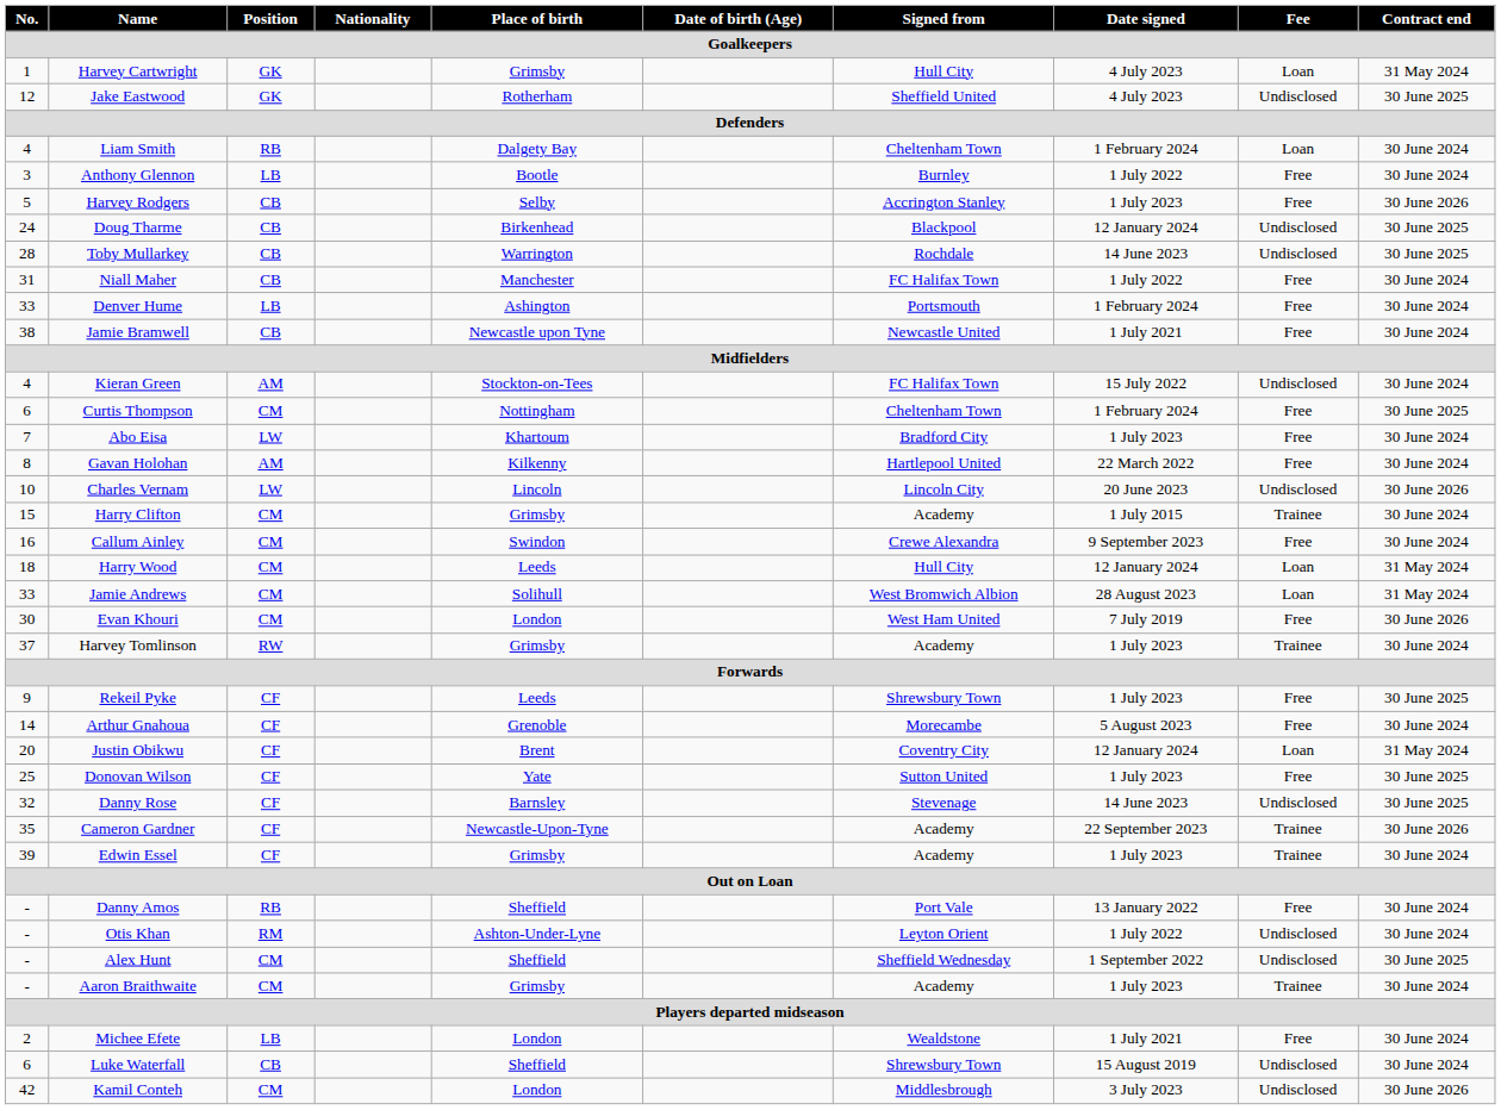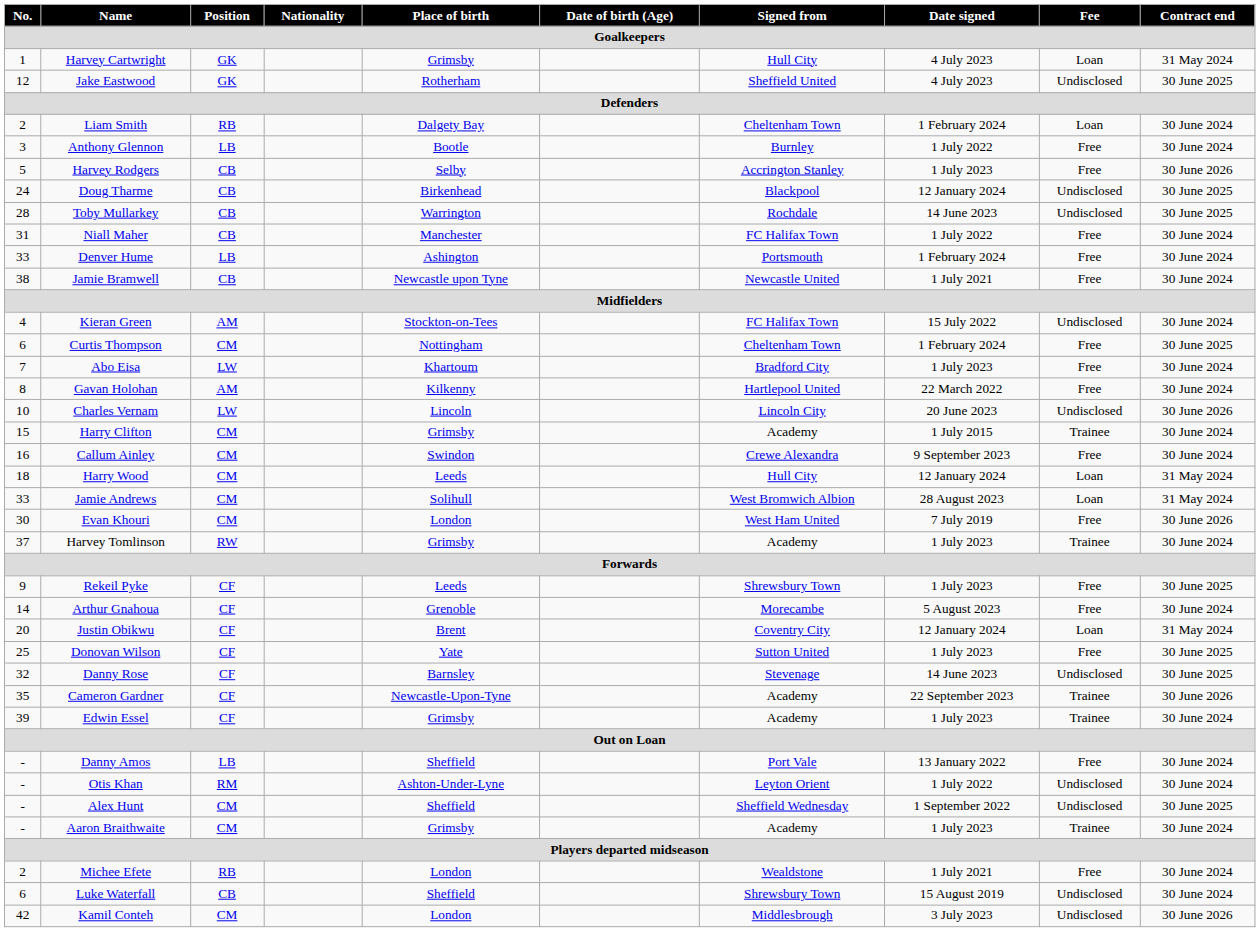 <table class="wikitable" style="text-align:center; font-size:84.5%; width:101%;">
 <tr>
 <th style="background:black; color:#FFFFFF;">No.</th>
 <th style="background:black; color:#FFFFFF;">Name</th>
 <th style="background:black; color:#FFFFFF;">Position</th>
 <th style="background:black; color:#FFFFFF;">Nationality</th>
 <th style="background:black; color:#FFFFFF;">Place of birth</th>
 <th style="background:black; color:#FFFFFF;">Date of birth (Age)</th>
 <th style="background:black; color:#FFFFFF;">Signed from</th>
 <th style="background:black; color:#FFFFFF;">Date signed</th>
 <th style="background:black; color:#FFFFFF;">Fee</th>
 <th style="background:black; color:#FFFFFF;">Contract end</th>
 </tr>
 <tr>
 <th colspan="14" style="background:#dcdcdc; tepxt-align:center;">Goalkeepers</th>
 </tr>
 <tr>
 <td>1</td>
 <td><a href='#'>Harvey Cartwright</a></td>
 <td><a href='#'>GK</a></td>
 <td></td>
 <td><a href='#'>Grimsby</a></td>
 <td></td>
 <td><a href='#'>Hull City</a></td>
 <td>4 July 2023</td>
 <td>Loan</td>
 <td>31 May 2024</td>
 </tr>
 <tr>
 <td>12</td>
 <td><a href='#'>Jake Eastwood</a></td>
 <td><a href='#'>GK</a></td>
 <td></td>
 <td><a href='#'>Rotherham</a></td>
 <td></td>
 <td><a href='#'>Sheffield United</a></td>
 <td>4 July 2023</td>
 <td>Undisclosed</td>
 <td>30 June 2025</td>
 </tr>
 <tr>
 <th colspan="14" style="background:#dcdcdc; tepxt-align:center;">Defenders</th>
 </tr>
 <tr>
-<td>4</td>
+<td>2</td>
 <td><a href='#'>Liam Smith</a></td>
 <td><a href='#'>RB</a></td>
 <td></td>
 <td><a href='#'>Dalgety Bay</a></td>
 <td></td>
 <td><a href='#'>Cheltenham Town</a></td>
 <td>1 February 2024</td>
 <td>Loan</td>
 <td>30 June 2024</td>
 </tr>
 <tr>
 <td>3</td>
 <td><a href='#'>Anthony Glennon</a></td>
 <td><a href='#'>LB</a></td>
 <td></td>
 <td><a href='#'>Bootle</a></td>
 <td></td>
 <td><a href='#'>Burnley</a></td>
 <td>1 July 2022</td>
 <td>Free</td>
 <td>30 June 2024</td>
 </tr>
 <tr>
 <td>5</td>
 <td><a href='#'>Harvey Rodgers</a></td>
 <td><a href='#'>CB</a></td>
 <td></td>
 <td><a href='#'>Selby</a></td>
 <td></td>
 <td><a href='#'>Accrington Stanley</a></td>
 <td>1 July 2023</td>
 <td>Free</td>
 <td>30 June 2026</td>
 </tr>
 <tr>
 <td>24</td>
 <td><a href='#'>Doug Tharme</a></td>
 <td><a href='#'>CB</a></td>
 <td></td>
 <td><a href='#'>Birkenhead</a></td>
 <td></td>
 <td><a href='#'>Blackpool</a></td>
 <td>12 January 2024</td>
 <td>Undisclosed</td>
 <td>30 June 2025</td>
 </tr>
 <tr>
 <td>28</td>
 <td><a href='#'>Toby Mullarkey</a></td>
 <td><a href='#'>CB</a></td>
 <td></td>
 <td><a href='#'>Warrington</a></td>
 <td></td>
 <td><a href='#'>Rochdale</a></td>
 <td>14 June 2023</td>
 <td>Undisclosed</td>
 <td>30 June 2025</td>
 </tr>
 <tr>
 <td>31</td>
 <td><a href='#'>Niall Maher</a></td>
 <td><a href='#'>CB</a></td>
 <td></td>
 <td><a href='#'>Manchester</a></td>
 <td></td>
 <td><a href='#'>FC Halifax Town</a></td>
 <td>1 July 2022</td>
 <td>Free</td>
 <td>30 June 2024</td>
 </tr>
 <tr>
 <td>33</td>
 <td><a href='#'>Denver Hume</a></td>
 <td><a href='#'>LB</a></td>
 <td></td>
 <td><a href='#'>Ashington</a></td>
 <td></td>
 <td><a href='#'>Portsmouth</a></td>
 <td>1 February 2024</td>
 <td>Free</td>
 <td>30 June 2024</td>
 </tr>
 <tr>
 <td>38</td>
 <td><a href='#'>Jamie Bramwell</a></td>
 <td><a href='#'>CB</a></td>
 <td></td>
 <td><a href='#'>Newcastle upon Tyne</a></td>
 <td></td>
 <td><a href='#'>Newcastle United</a></td>
 <td>1 July 2021</td>
 <td>Free</td>
 <td>30 June 2024</td>
 </tr>
 <tr>
 <th colspan="14" style="background:#dcdcdc; tepxt-align:center;">Midfielders</th>
 </tr>
 <tr>
 <td>4</td>
 <td><a href='#'>Kieran Green</a></td>
 <td><a href='#'>AM</a></td>
 <td></td>
 <td><a href='#'>Stockton-on-Tees</a></td>
 <td></td>
 <td><a href='#'>FC Halifax Town</a></td>
 <td>15 July 2022</td>
 <td>Undisclosed</td>
 <td>30 June 2024</td>
 </tr>
 <tr>
 <td>6</td>
 <td><a href='#'>Curtis Thompson</a></td>
 <td><a href='#'>CM</a></td>
 <td></td>
 <td><a href='#'>Nottingham</a></td>
 <td></td>
 <td><a href='#'>Cheltenham Town</a></td>
 <td>1 February 2024</td>
 <td>Free</td>
 <td>30 June 2025</td>
 </tr>
 <tr>
 <td>7</td>
 <td><a href='#'>Abo Eisa</a></td>
 <td><a href='#'>LW</a></td>
 <td></td>
 <td><a href='#'>Khartoum</a></td>
 <td></td>
 <td><a href='#'>Bradford City</a></td>
 <td>1 July 2023</td>
 <td>Free</td>
 <td>30 June 2024</td>
 </tr>
 <tr>
 <td>8</td>
 <td><a href='#'>Gavan Holohan</a></td>
 <td><a href='#'>AM</a></td>
 <td></td>
 <td><a href='#'>Kilkenny</a></td>
 <td></td>
 <td><a href='#'>Hartlepool United</a></td>
 <td>22 March 2022</td>
 <td>Free</td>
 <td>30 June 2024</td>
 </tr>
 <tr>
 <td>10</td>
 <td><a href='#'>Charles Vernam</a></td>
 <td><a href='#'>LW</a></td>
 <td></td>
 <td><a href='#'>Lincoln</a></td>
 <td></td>
 <td><a href='#'>Lincoln City</a></td>
 <td>20 June 2023</td>
 <td>Undisclosed</td>
 <td>30 June 2026</td>
 </tr>
 <tr>
 <td>15</td>
 <td><a href='#'>Harry Clifton</a></td>
 <td><a href='#'>CM</a></td>
 <td></td>
 <td> <a href='#'>Grimsby</a></td>
 <td></td>
 <td>Academy</td>
 <td>1 July 2015</td>
 <td>Trainee</td>
 <td>30 June 2024</td>
 </tr>
 <tr>
 <td>16</td>
 <td><a href='#'>Callum Ainley</a></td>
 <td><a href='#'>CM</a></td>
 <td></td>
 <td><a href='#'>Swindon</a></td>
 <td></td>
 <td><a href='#'>Crewe Alexandra</a></td>
 <td>9 September 2023</td>
 <td>Free</td>
 <td>30 June 2024</td>
 </tr>
 <tr>
 <td>18</td>
 <td><a href='#'>Harry Wood</a></td>
 <td><a href='#'>CM</a></td>
 <td></td>
 <td><a href='#'>Leeds</a></td>
 <td></td>
 <td><a href='#'>Hull City</a></td>
 <td>12 January 2024</td>
 <td>Loan</td>
 <td>31 May 2024</td>
 </tr>
 <tr>
 <td>33</td>
 <td><a href='#'>Jamie Andrews</a></td>
 <td><a href='#'>CM</a></td>
 <td></td>
 <td><a href='#'>Solihull</a></td>
 <td></td>
 <td><a href='#'>West Bromwich Albion</a></td>
 <td>28 August 2023</td>
 <td>Loan</td>
 <td>31 May 2024</td>
 </tr>
 <tr>
 <td>30</td>
 <td><a href='#'>Evan Khouri</a></td>
 <td><a href='#'>CM</a></td>
 <td></td>
 <td><a href='#'>London</a></td>
 <td></td>
 <td><a href='#'>West Ham United</a></td>
 <td>7 July 2019</td>
 <td>Free</td>
 <td>30 June 2026</td>
 </tr>
 <tr>
 <td>37</td>
 <td>Harvey Tomlinson</td>
 <td><a href='#'>RW</a></td>
 <td></td>
 <td><a href='#'>Grimsby</a></td>
 <td></td>
 <td>Academy</td>
 <td>1 July 2023</td>
 <td>Trainee</td>
 <td>30 June 2024</td>
 </tr>
 <tr>
 <th colspan="14" style="background:#dcdcdc; tepxt-align:center;">Forwards</th>
 </tr>
 <tr>
 <td>9</td>
 <td><a href='#'>Rekeil Pyke</a></td>
 <td><a href='#'>CF</a></td>
 <td></td>
 <td><a href='#'>Leeds</a></td>
 <td></td>
 <td><a href='#'>Shrewsbury Town</a></td>
 <td>1 July 2023</td>
 <td>Free</td>
 <td>30 June 2025</td>
 </tr>
 <tr>
 <td>14</td>
 <td><a href='#'>Arthur Gnahoua</a></td>
 <td><a href='#'>CF</a></td>
 <td></td>
 <td><a href='#'>Grenoble</a></td>
 <td></td>
 <td><a href='#'>Morecambe</a></td>
 <td>5 August 2023</td>
 <td>Free</td>
 <td>30 June 2024</td>
 </tr>
 <tr>
 <td>20</td>
 <td><a href='#'>Justin Obikwu</a></td>
 <td><a href='#'>CF</a></td>
 <td></td>
 <td><a href='#'>Brent</a></td>
 <td></td>
 <td><a href='#'>Coventry City</a></td>
 <td>12 January 2024</td>
 <td>Loan</td>
 <td>31 May 2024</td>
 </tr>
 <tr>
 <td>25</td>
 <td><a href='#'>Donovan Wilson</a></td>
 <td><a href='#'>CF</a></td>
 <td></td>
 <td><a href='#'>Yate</a></td>
 <td></td>
 <td><a href='#'>Sutton United</a></td>
 <td>1 July 2023</td>
 <td>Free</td>
 <td>30 June 2025</td>
 </tr>
 <tr>
 <td>32</td>
 <td><a href='#'>Danny Rose</a></td>
 <td><a href='#'>CF</a></td>
 <td></td>
 <td><a href='#'>Barnsley</a></td>
 <td></td>
 <td><a href='#'>Stevenage</a></td>
 <td>14 June 2023</td>
 <td>Undisclosed</td>
 <td>30 June 2025</td>
 </tr>
 <tr>
 <td>35</td>
 <td><a href='#'>Cameron Gardner</a></td>
 <td><a href='#'>CF</a></td>
 <td></td>
 <td><a href='#'>Newcastle-Upon-Tyne</a></td>
 <td></td>
 <td>Academy</td>
 <td>22 September 2023</td>
 <td>Trainee</td>
 <td>30 June 2026</td>
 </tr>
 <tr>
 <td>39</td>
 <td><a href='#'>Edwin Essel</a></td>
 <td><a href='#'>CF</a></td>
 <td></td>
 <td><a href='#'>Grimsby</a></td>
 <td></td>
 <td>Academy</td>
 <td>1 July 2023</td>
 <td>Trainee</td>
 <td>30 June 2024</td>
 </tr>
 <tr>
 <th colspan="14" style="background:#dcdcdc; tepxt-align:center;">Out on Loan</th>
 </tr>
 <tr>
 <td>-</td>
 <td><a href='#'>Danny Amos</a></td>
-<td><a href='#'>RB</a></td>
+<td><a href='#'>LB</a></td>
 <td></td>
 <td> <a href='#'>Sheffield</a></td>
 <td></td>
 <td><a href='#'>Port Vale</a></td>
 <td>13 January 2022</td>
 <td>Free</td>
 <td>30 June 2024</td>
 </tr>
 <tr>
 <td>-</td>
 <td><a href='#'>Otis Khan</a></td>
 <td><a href='#'>RM</a></td>
 <td></td>
 <td> <a href='#'>Ashton-Under-Lyne</a></td>
 <td></td>
 <td><a href='#'>Leyton Orient</a></td>
 <td>1 July 2022</td>
 <td>Undisclosed</td>
 <td>30 June 2024</td>
 </tr>
 <tr>
 <td>-</td>
 <td><a href='#'>Alex Hunt</a></td>
 <td><a href='#'>CM</a></td>
 <td></td>
 <td><a href='#'>Sheffield</a></td>
 <td></td>
 <td><a href='#'>Sheffield Wednesday</a></td>
 <td>1 September 2022</td>
 <td>Undisclosed</td>
 <td>30 June 2025</td>
 </tr>
 <tr>
 <td>-</td>
 <td><a href='#'>Aaron Braithwaite</a></td>
 <td><a href='#'>CM</a></td>
 <td></td>
 <td><a href='#'>Grimsby</a></td>
 <td></td>
 <td>Academy</td>
 <td>1 July 2023</td>
 <td>Trainee</td>
 <td>30 June 2024</td>
 </tr>
 <tr>
 <th colspan="14" style="background:#dcdcdc; tepxt-align:center;">Players departed midseason</th>
 </tr>
 <tr>
 <td>2</td>
 <td><a href='#'>Michee Efete</a></td>
-<td><a href='#'>LB</a></td>
+<td><a href='#'>RB</a></td>
 <td></td>
 <td> <a href='#'>London</a></td>
 <td></td>
 <td><a href='#'>Wealdstone</a></td>
 <td>1 July 2021</td>
 <td>Free</td>
 <td>30 June 2024</td>
 </tr>
 <tr>
 <td>6</td>
 <td><a href='#'>Luke Waterfall</a></td>
 <td><a href='#'>CB</a></td>
 <td></td>
 <td><a href='#'>Sheffield</a></td>
 <td></td>
 <td><a href='#'>Shrewsbury Town</a></td>
 <td>15 August 2019</td>
 <td>Undisclosed</td>
 <td>30 June 2024</td>
 </tr>
 <tr>
 <td>42</td>
 <td><a href='#'>Kamil Conteh</a></td>
 <td><a href='#'>CM</a></td>
 <td></td>
 <td> <a href='#'>London</a></td>
 <td></td>
 <td><a href='#'>Middlesbrough</a></td>
 <td>3 July 2023</td>
 <td>Undisclosed</td>
 <td>30 June 2026</td>
 </tr>
 </table>
